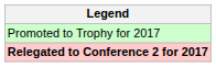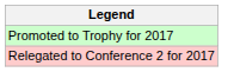 <table class="wikitable">
 <tr>
 <th>Legend</th>
 </tr>
 <tr bgcolor=ccffcc>
 <td>Promoted to Trophy for 2017</td>
 </tr>
 <tr bgcolor=ffcccc>
-<td><strong>Relegated to Conference 2 for 2017</strong></td>
+<td>Relegated to Conference 2 for 2017</td>
 </tr>
 </table>
